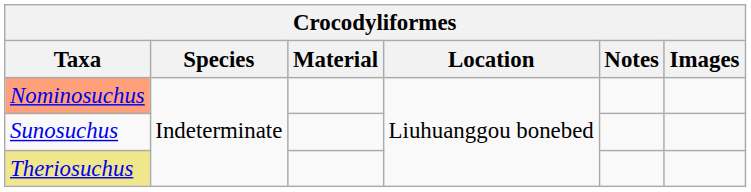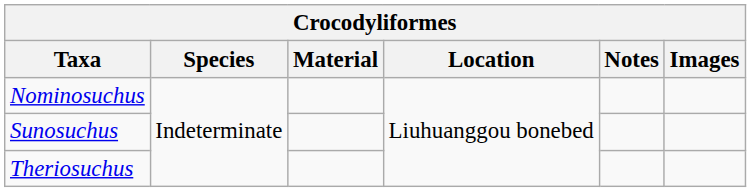 <table class="wikitable" align="center">
 <tr>
 <th colspan="7" align="center"><strong>Crocodyliformes</strong></th>
 </tr>
 <tr>
 <th>Taxa</th>
 <th>Species</th>
 <th>Material</th>
 <th>Location</th>
 <th>Notes</th>
 <th>Images</th>
 </tr>
 <tr>
-<td style="background: lightsalmon;"><em><a href='#'>Nominosuchus</a></em></td>
+<td><em><a href='#'>Nominosuchus</a></em></td>
 <td rowspan="3">Indeterminate</td>
 <td></td>
 <td rowspan="3">Liuhuanggou bonebed</td>
 <td></td>
 <td></td>
 </tr>
 <tr>
 <td><em><a href='#'>Sunosuchus</a></em></td>
 <td></td>
 <td></td>
 <td></td>
 </tr>
 <tr>
-<td style="background: khaki;"><em><a href='#'>Theriosuchus</a></em></td>
+<td><em><a href='#'>Theriosuchus</a></em></td>
 <td></td>
 <td></td>
 <td></td>
 </tr>
 </table>
